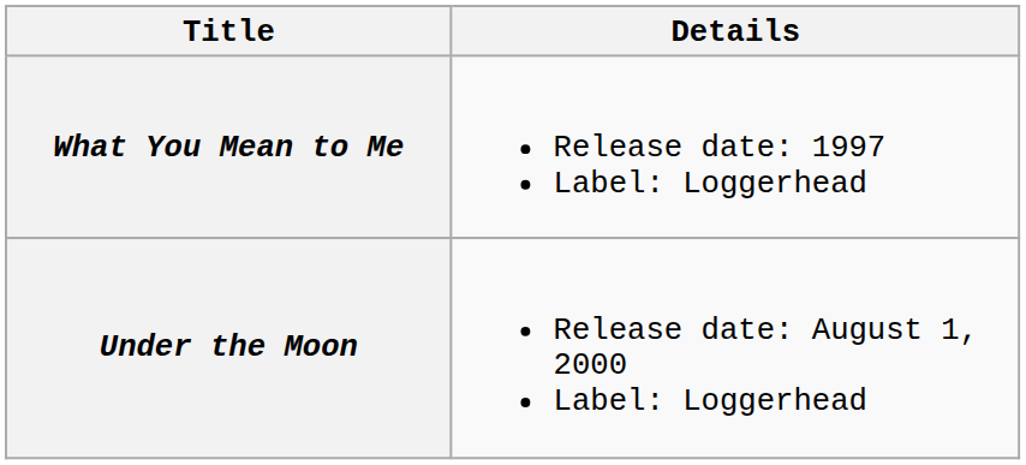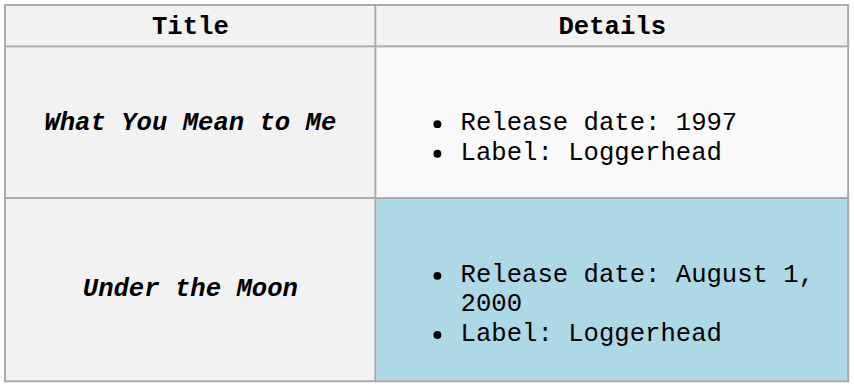 <table class="wikitable plainrowheaders">
 <tr>
 <th style="width:14em;">Title</th>
 <th style="width:18em;">Details</th>
 </tr>
 <tr>
 <th scope="row"><em>What You Mean to Me</em></th>
 <td><br><ul><li>Release date: 1997</li><li>Label: Loggerhead</li></ul></td>
 </tr>
 <tr>
 <th scope="row"><em>Under the Moon</em></th>
-<td><br><ul><li>Release date: August 1, 2000</li><li>Label: Loggerhead</li></ul></td>
+<td style="background: lightblue;"><br><ul><li>Release date: August 1, 2000</li><li>Label: Loggerhead</li></ul></td>
 </tr>
 </table>
